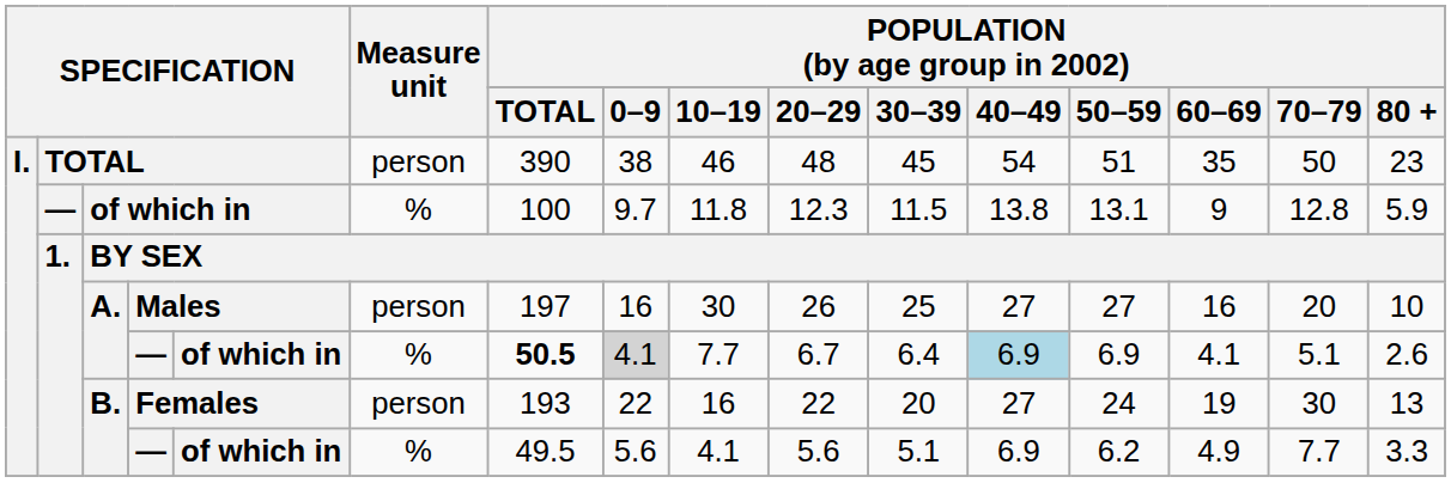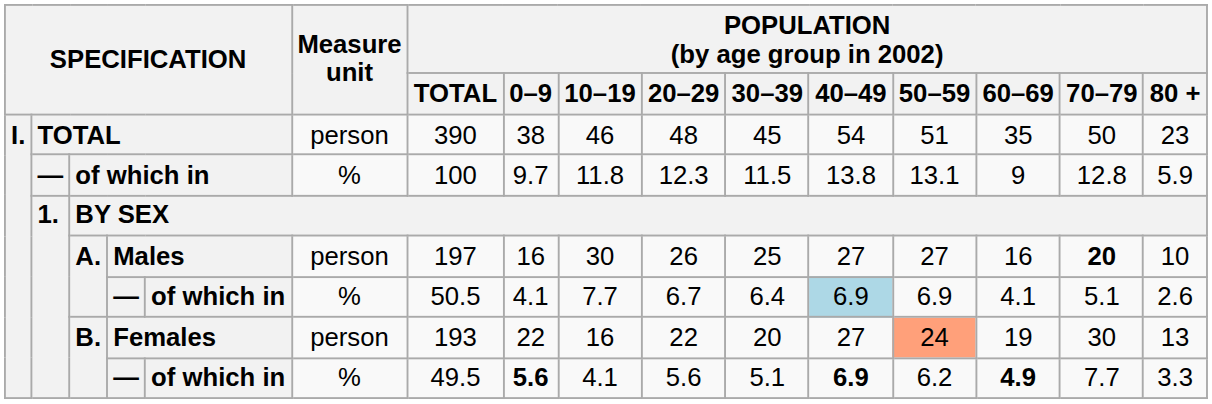 <table class="wikitable" style="font-size:85%; text-align:center">
 <tr>
 <th rowspan="2" colspan="5">SPECIFICATION</th>
 <th rowspan="2">Measure<br> unit</th>
 <th colspan="10" rowspan="1">POPULATION<br> (by age group in 2002)</th>
 </tr>
 <tr>
 <th>TOTAL</th>
 <th>0–9</th>
 <th>10–19</th>
 <th>20–29</th>
 <th>30–39</th>
 <th>40–49</th>
 <th>50–59</th>
 <th>60–69</th>
 <th>70–79</th>
 <th>80 +</th>
 </tr>
 <tr>
 <th style="text-align:left" valign="top" rowspan="7">I.</th>
 <th style="text-align:left" colspan="4">TOTAL</th>
 <td>person</td>
 <td>390</td>
 <td>38</td>
 <td>46</td>
 <td>48</td>
 <td>45</td>
 <td>54</td>
 <td>51</td>
 <td>35</td>
 <td>50</td>
 <td>23</td>
 </tr>
 <tr>
 <th style="text-align:left" valign="top">—</th>
 <th style="text-align:left" colspan="3">of which in</th>
 <td>%</td>
 <td>100</td>
 <td>9.7</td>
 <td>11.8</td>
 <td>12.3</td>
 <td>11.5</td>
 <td>13.8</td>
 <td>13.1</td>
 <td>9</td>
 <td>12.8</td>
 <td>5.9</td>
 </tr>
 <tr>
 <th style="text-align:left" valign="top" rowspan="5">1.</th>
 <th style="text-align:left" colspan="14">BY SEX</th>
 </tr>
 <tr>
 <th style="text-align:left" valign="top" rowspan="2">A.</th>
 <th style="text-align:left" colspan="2">Males</th>
 <td>person</td>
 <td>197</td>
 <td>16</td>
 <td>30</td>
 <td>26</td>
 <td>25</td>
 <td>27</td>
 <td>27</td>
 <td>16</td>
-<td>20</td>
+<td><strong>20</strong></td>
 <td>10</td>
 </tr>
 <tr>
 <th style="text-align:left" valign="top">—</th>
 <th style="text-align:left" colspan="1">of which in</th>
 <td>%</td>
-<td><strong>50.5</strong></td>
-<td style="background: lightgrey;">4.1</td>
+<td>50.5</td>
+<td>4.1</td>
 <td>7.7</td>
 <td>6.7</td>
 <td>6.4</td>
 <td style="background: lightblue;">6.9</td>
 <td>6.9</td>
 <td>4.1</td>
 <td>5.1</td>
 <td>2.6</td>
 </tr>
 <tr>
 <th style="text-align:left" valign="top" rowspan="2">B.</th>
 <th style="text-align:left" colspan="2">Females</th>
 <td>person</td>
 <td>193</td>
 <td>22</td>
 <td>16</td>
 <td>22</td>
 <td>20</td>
 <td>27</td>
-<td>24</td>
+<td style="background: lightsalmon;">24</td>
 <td>19</td>
 <td>30</td>
 <td>13</td>
 </tr>
 <tr>
 <th style="text-align:left" valign="top">—</th>
 <th style="text-align:left" colspan="1">of which in</th>
 <td>%</td>
 <td>49.5</td>
-<td>5.6</td>
+<td><strong>5.6</strong></td>
 <td>4.1</td>
 <td>5.6</td>
 <td>5.1</td>
-<td>6.9</td>
+<td><strong>6.9</strong></td>
 <td>6.2</td>
-<td>4.9</td>
+<td><strong>4.9</strong></td>
 <td>7.7</td>
 <td>3.3</td>
 </tr>
 </table>
